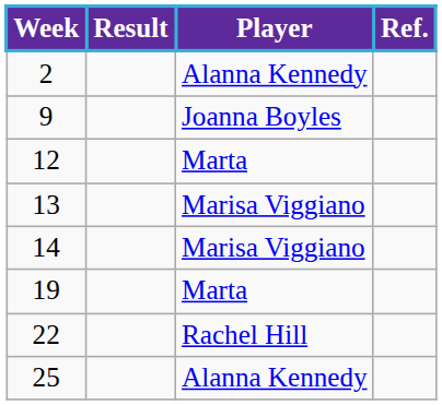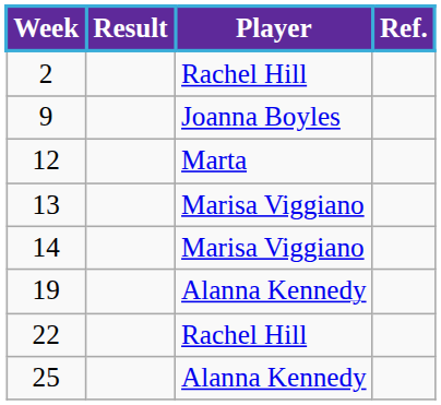 <table class="wikitable" style="text-align:center;">
 <tr>
 <th style="background:#5E299A; color:white; border:2px solid #3aadd9;">Week</th>
 <th style="background:#5E299A; color:white; border:2px solid #3aadd9;">Result</th>
 <th style="background:#5E299A; color:white; border:2px solid #3aadd9;">Player</th>
 <th style="background:#5E299A; color:white; border:2px solid #3aadd9;">Ref.</th>
 </tr>
 <tr>
 <td>2</td>
 <td></td>
-<td align="left"> <a href='#'>Alanna Kennedy</a></td>
+<td align="left"> <a href='#'>Rachel Hill</a></td>
 <td></td>
 </tr>
 <tr>
 <td>9</td>
 <td></td>
 <td align="left"> <a href='#'>Joanna Boyles</a></td>
 <td></td>
 </tr>
 <tr>
 <td>12</td>
 <td></td>
 <td align="left"> <a href='#'>Marta</a></td>
 <td></td>
 </tr>
 <tr>
 <td>13</td>
 <td></td>
 <td align="left"> <a href='#'>Marisa Viggiano</a></td>
 <td></td>
 </tr>
 <tr>
 <td>14</td>
 <td></td>
 <td align="left"> <a href='#'>Marisa Viggiano</a></td>
 <td></td>
 </tr>
 <tr>
 <td>19</td>
 <td></td>
-<td align="left"> <a href='#'>Marta</a></td>
+<td align="left"> <a href='#'>Alanna Kennedy</a></td>
 <td></td>
 </tr>
 <tr>
 <td>22</td>
 <td></td>
 <td align="left"> <a href='#'>Rachel Hill</a></td>
 <td></td>
 </tr>
 <tr>
 <td>25</td>
 <td></td>
 <td align="left"> <a href='#'>Alanna Kennedy</a></td>
 <td></td>
 </tr>
 </table>
